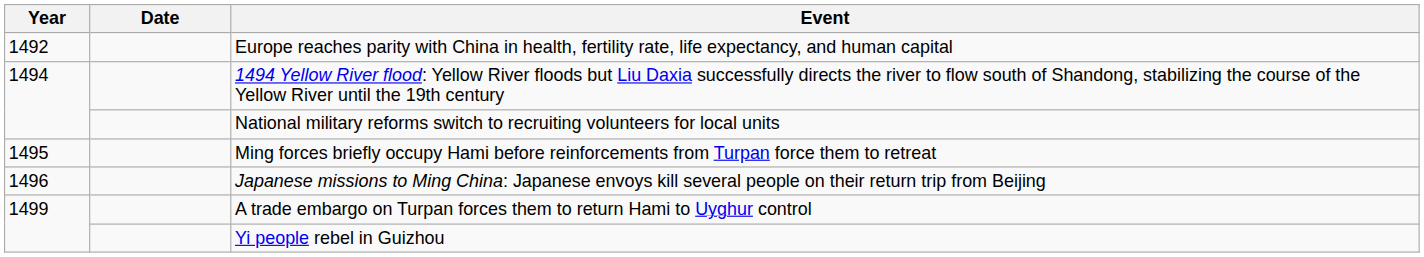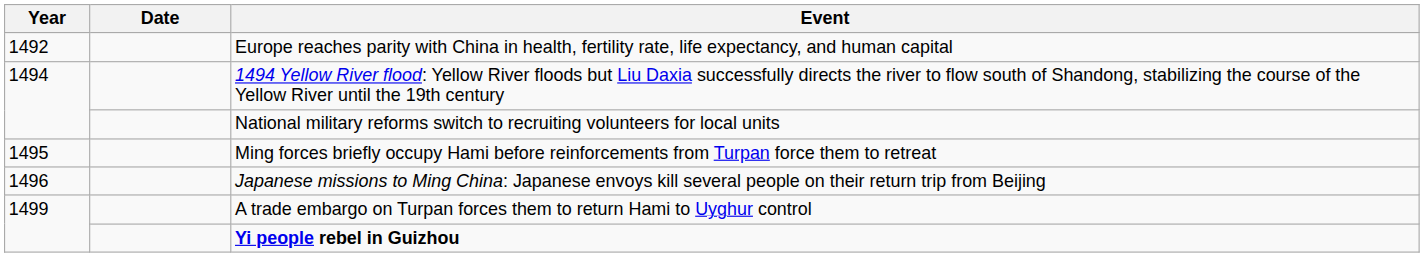 <table class="wikitable" width="100%">
 <tr>
 <th style="width:6%">Year</th>
 <th style="width:10%">Date</th>
 <th>Event</th>
 </tr>
 <tr>
 <td>1492</td>
 <td></td>
 <td>Europe reaches parity with China in health, fertility rate, life expectancy, and human capital</td>
 </tr>
 <tr>
 <td rowspan="2" valign="top">1494</td>
 <td></td>
 <td><em><a href='#'>1494 Yellow River flood</a></em>: Yellow River floods but <a href='#'>Liu Daxia</a> successfully directs the river to flow south of Shandong, stabilizing the course of the Yellow River until the 19th century</td>
 </tr>
 <tr>
 <td></td>
 <td>National military reforms switch to recruiting volunteers for local units</td>
 </tr>
 <tr>
 <td>1495</td>
 <td></td>
 <td>Ming forces briefly occupy Hami before reinforcements from <a href='#'>Turpan</a> force them to retreat</td>
 </tr>
 <tr>
 <td>1496</td>
 <td></td>
 <td><em>Japanese missions to Ming China</em>: Japanese envoys kill several people on their return trip from Beijing</td>
 </tr>
 <tr>
 <td rowspan="2" valign="top">1499</td>
 <td></td>
 <td>A trade embargo on Turpan forces them to return Hami to <a href='#'>Uyghur</a> control</td>
 </tr>
 <tr>
 <td></td>
-<td><a href='#'>Yi people</a> rebel in Guizhou</td>
+<td><strong><a href='#'>Yi people</a> rebel in Guizhou</strong></td>
 </tr>
 </table>
